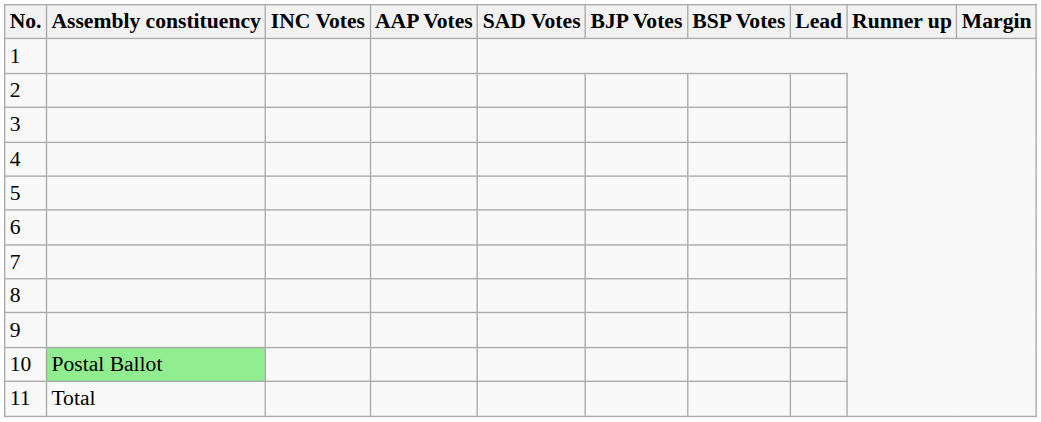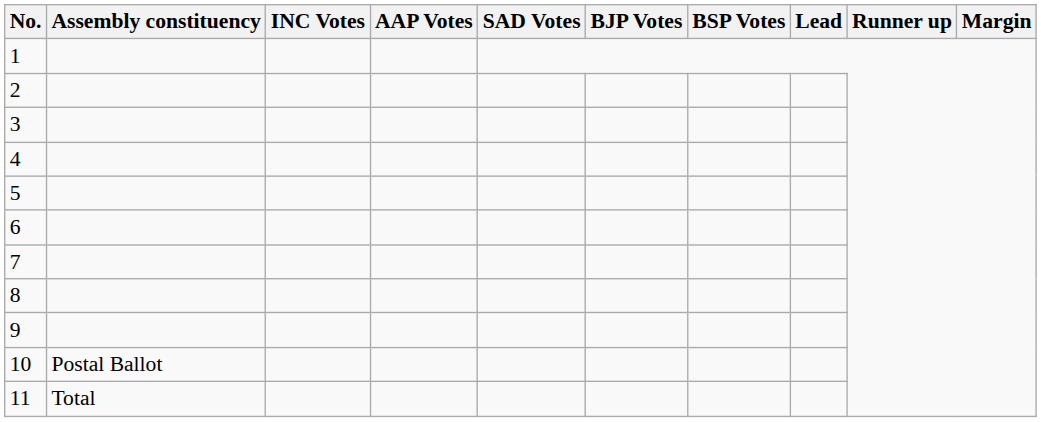 <table class="wikitable sortable">
 <tr>
 <th>No.</th>
 <th>Assembly constituency</th>
 <th>INC Votes</th>
 <th>AAP Votes</th>
 <th>SAD Votes</th>
 <th>BJP Votes</th>
 <th>BSP Votes</th>
 <th>Lead</th>
 <th>Runner up</th>
 <th>Margin</th>
 </tr>
 <tr>
 <td>1</td>
 <td></td>
 <td></td>
 <td></td>
 </tr>
 <tr>
 <td>2</td>
 <td></td>
 <td></td>
 <td></td>
 <td></td>
 <td></td>
 <td></td>
 <td></td>
 </tr>
 <tr>
 <td>3</td>
 <td></td>
 <td></td>
 <td></td>
 <td></td>
 <td></td>
 <td></td>
 <td></td>
 </tr>
 <tr>
 <td>4</td>
 <td></td>
 <td></td>
 <td></td>
 <td></td>
 <td></td>
 <td></td>
 <td></td>
 </tr>
 <tr>
 <td>5</td>
 <td></td>
 <td></td>
 <td></td>
 <td></td>
 <td></td>
 <td></td>
 <td></td>
 </tr>
 <tr>
 <td>6</td>
 <td></td>
 <td></td>
 <td></td>
 <td></td>
 <td></td>
 <td></td>
 <td></td>
 </tr>
 <tr>
 <td>7</td>
 <td></td>
 <td></td>
 <td></td>
 <td></td>
 <td></td>
 <td></td>
 <td></td>
 </tr>
 <tr>
 <td>8</td>
 <td></td>
 <td></td>
 <td></td>
 <td></td>
 <td></td>
 <td></td>
 <td></td>
 </tr>
 <tr>
 <td>9</td>
 <td></td>
 <td></td>
 <td></td>
 <td></td>
 <td></td>
 <td></td>
 <td></td>
 </tr>
 <tr>
 <td>10</td>
-<td style="background: lightgreen;">Postal Ballot</td>
+<td>Postal Ballot</td>
 <td></td>
 <td></td>
 <td></td>
 <td></td>
 <td></td>
 <td></td>
 </tr>
 <tr>
 <td>11</td>
 <td>Total</td>
 <td></td>
 <td></td>
 <td></td>
 <td></td>
 <td></td>
 <td></td>
 </tr>
 </table>
